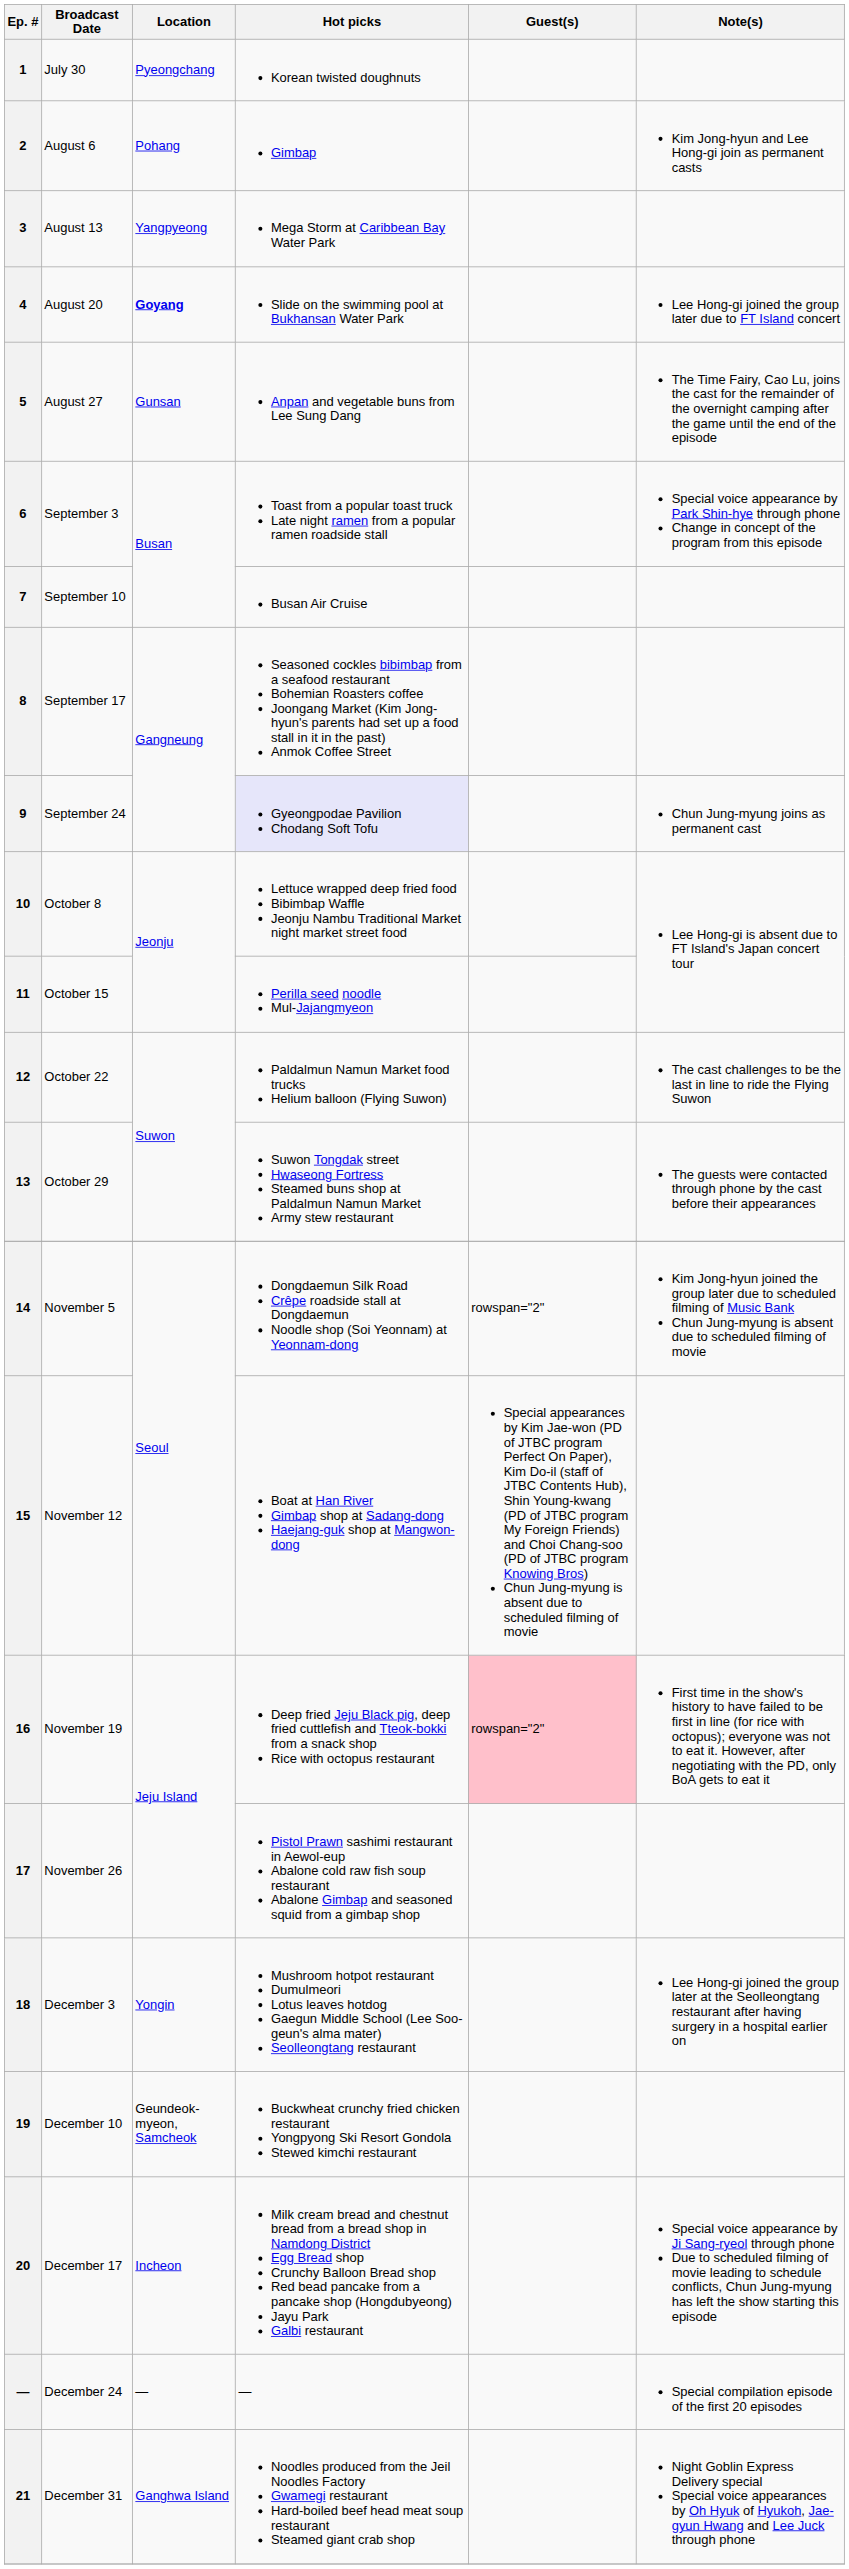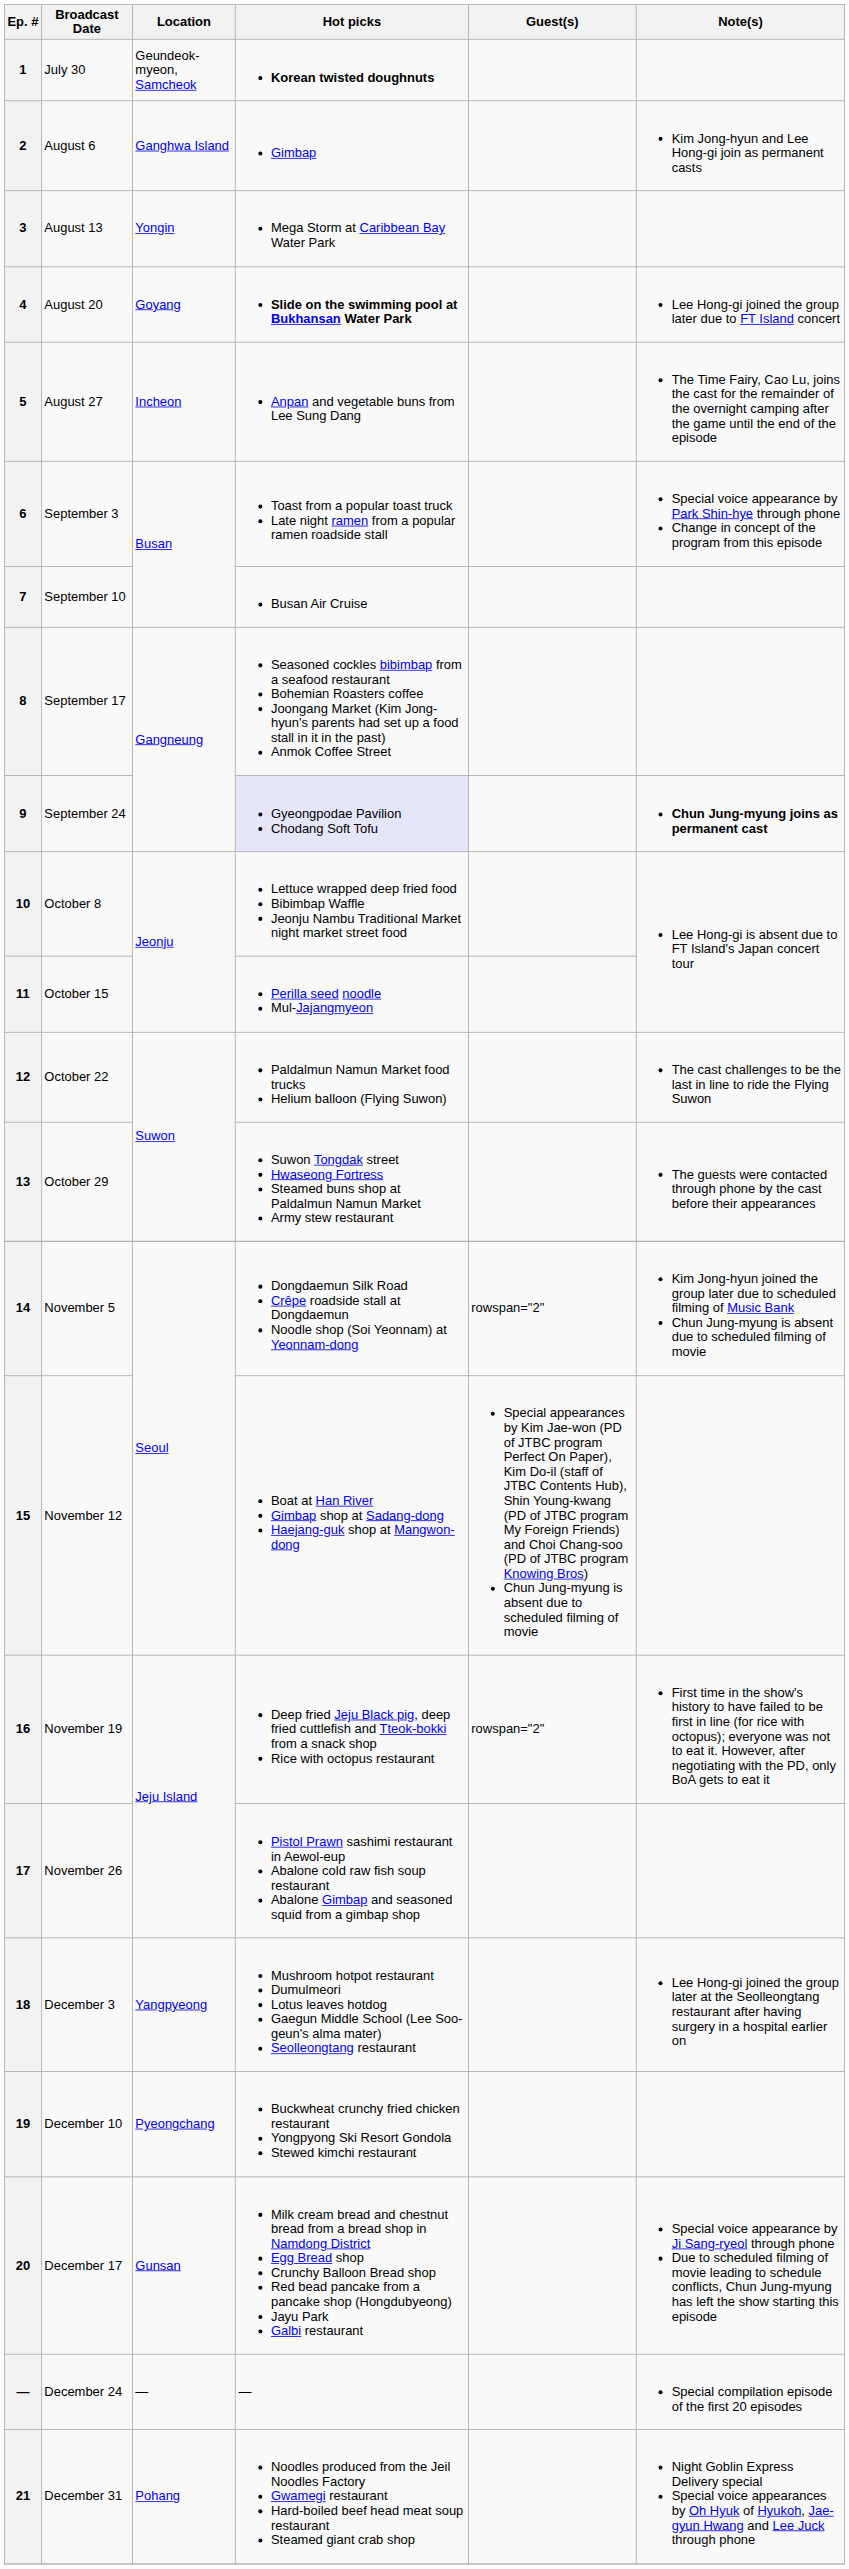 <table class="wikitable">
 <tr>
 <th width=5>Ep. #</th>
 <th width=105>Broadcast Date</th>
 <th width=120>Location</th>
 <th width=280>Hot picks</th>
 <th width=200>Guest(s)</th>
 <th width=250>Note(s)</th>
 </tr>
 <tr style="text-align:left;">
 <th>1</th>
 <td>July 30</td>
-<td><a href='#'>Pyeongchang</a></td>
-<td><br><ul><li>Korean twisted doughnuts</li></ul></td>
+<td>Geundeok-myeon, <a href='#'>Samcheok</a></td>
+<td><strong><br><ul><li>Korean twisted doughnuts</li></ul></strong></td>
 <td></td>
 <td></td>
 </tr>
 <tr style="text-align:left;">
 <th>2</th>
 <td>August 6</td>
-<td><a href='#'>Pohang</a></td>
+<td><a href='#'>Ganghwa Island</a></td>
 <td><br><ul><li><a href='#'>Gimbap</a></li></ul></td>
 <td></td>
 <td><br><ul><li>Kim Jong-hyun and Lee Hong-gi join as permanent casts</li></ul></td>
 </tr>
 <tr style="text-align:left;">
 <th>3</th>
 <td>August 13</td>
-<td><a href='#'>Yangpyeong</a></td>
+<td><a href='#'>Yongin</a></td>
 <td><br><ul><li>Mega Storm at <a href='#'>Caribbean Bay</a> Water Park</li></ul></td>
 <td></td>
 <td></td>
 </tr>
 <tr style="text-align:left;">
 <th>4</th>
 <td>August 20</td>
-<td><strong><a href='#'>Goyang</a></strong></td>
-<td><br><ul><li>Slide on the swimming pool at <a href='#'>Bukhansan</a> Water Park</li></ul></td>
+<td><a href='#'>Goyang</a></td>
+<td><strong><br><ul><li>Slide on the swimming pool at <a href='#'>Bukhansan</a> Water Park</li></ul></strong></td>
 <td></td>
 <td><br><ul><li>Lee Hong-gi joined the group later due to <a href='#'>FT Island</a> concert</li></ul></td>
 </tr>
 <tr style="text-align:left;">
 <th>5</th>
 <td>August 27</td>
-<td><a href='#'>Gunsan</a></td>
+<td><a href='#'>Incheon</a></td>
 <td><br><ul><li><a href='#'>Anpan</a> and vegetable buns from Lee Sung Dang</li></ul></td>
 <td></td>
 <td><br><ul><li>The Time Fairy, Cao Lu, joins the cast for the remainder of the overnight camping after the game until the end of the episode</li></ul></td>
 </tr>
 <tr style="text-align:left;">
 <th>6</th>
 <td>September 3</td>
 <td rowspan="2"><a href='#'>Busan</a></td>
 <td><br><ul><li>Toast from a popular toast truck</li><li>Late night <a href='#'>ramen</a> from a popular ramen roadside stall</li></ul></td>
 <td></td>
 <td><br><ul><li>Special voice appearance by <a href='#'>Park Shin-hye</a> through phone</li><li>Change in concept of the program from this episode</li></ul></td>
 </tr>
 <tr style="text-align:left;">
 <th>7</th>
 <td>September 10</td>
 <td><br><ul><li>Busan Air Cruise</li></ul></td>
 <td></td>
 <td></td>
 </tr>
 <tr style="text-align:left;">
 <th>8</th>
 <td>September 17</td>
 <td rowspan="2"><a href='#'>Gangneung</a></td>
 <td><br><ul><li>Seasoned cockles <a href='#'>bibimbap</a> from a seafood restaurant</li><li>Bohemian Roasters coffee</li><li>Joongang Market (Kim Jong-hyun's parents had set up a food stall in it in the past)</li><li>Anmok Coffee Street</li></ul></td>
 <td></td>
 <td></td>
 </tr>
 <tr style="text-align:left;">
 <th>9</th>
 <td>September 24</td>
 <td style="background: lavender;"><br><ul><li>Gyeongpodae Pavilion</li><li>Chodang Soft Tofu</li></ul></td>
 <td></td>
-<td><br><ul><li>Chun Jung-myung joins as permanent cast</li></ul></td>
+<td><strong><br><ul><li>Chun Jung-myung joins as permanent cast</li></ul></strong></td>
 </tr>
 <tr style="text-align:left;">
 <th>10</th>
 <td>October 8</td>
 <td rowspan="2"><a href='#'>Jeonju</a></td>
 <td><br><ul><li>Lettuce wrapped deep fried food</li><li>Bibimbap Waffle</li><li>Jeonju Nambu Traditional Market night market street food</li></ul></td>
 <td></td>
 <td rowspan="2"><br><ul><li>Lee Hong-gi is absent due to FT Island's Japan concert tour</li></ul></td>
 </tr>
 <tr style="text-align:left;">
 <th>11</th>
 <td>October 15</td>
 <td><br><ul><li><a href='#'>Perilla seed</a> <a href='#'>noodle</a></li><li>Mul-<a href='#'>Jajangmyeon</a></li></ul></td>
 <td></td>
 </tr>
 <tr style="text-align:left;">
 <th>12</th>
 <td>October 22</td>
 <td rowspan="2"><a href='#'>Suwon</a></td>
 <td><br><ul><li>Paldalmun Namun Market food trucks</li><li>Helium balloon (Flying Suwon)</li></ul></td>
 <td></td>
 <td><br><ul><li>The cast challenges to be the last in line to ride the Flying Suwon</li></ul></td>
 </tr>
 <tr style="text-align:left;">
 <th>13</th>
 <td>October 29</td>
 <td><br><ul><li>Suwon <a href='#'>Tongdak</a> street</li><li><a href='#'>Hwaseong Fortress</a></li><li>Steamed buns shop at Paldalmun Namun Market</li><li>Army stew restaurant</li></ul></td>
 <td></td>
 <td><br><ul><li>The guests were contacted through phone by the cast before their appearances</li></ul></td>
 </tr>
 <tr style="text-align:left;">
 </tr>
 <tr style="text-align:left;">
 <th>14</th>
 <td>November 5</td>
 <td rowspan="2"><a href='#'>Seoul</a></td>
 <td><br><ul><li>Dongdaemun Silk Road</li><li><a href='#'>Crêpe</a> roadside stall at Dongdaemun</li><li>Noodle shop (Soi Yeonnam) at <a href='#'>Yeonnam-dong</a></li></ul></td>
 <td>rowspan="2" </td>
 <td><br><ul><li>Kim Jong-hyun joined the group later due to scheduled filming of <a href='#'>Music Bank</a></li><li>Chun Jung-myung is absent due to scheduled filming of movie</li></ul></td>
 </tr>
 <tr style="text-align:left;">
 <th>15</th>
 <td>November 12</td>
 <td><br><ul><li>Boat at <a href='#'>Han River</a></li><li><a href='#'>Gimbap</a> shop at <a href='#'>Sadang-dong</a></li><li><a href='#'>Haejang-guk</a> shop at <a href='#'>Mangwon-dong</a></li></ul></td>
 <td><br><ul><li>Special appearances by Kim Jae-won (PD of JTBC program Perfect On Paper), Kim Do-il (staff of JTBC Contents Hub), Shin Young-kwang (PD of JTBC program My Foreign Friends) and Choi Chang-soo (PD of JTBC program <a href='#'>Knowing Bros</a>)</li><li>Chun Jung-myung is absent due to scheduled filming of movie</li></ul></td>
 </tr>
 <tr style="text-align:left;">
 <th>16</th>
 <td>November 19</td>
 <td rowspan="2"><a href='#'>Jeju Island</a></td>
 <td><br><ul><li>Deep fried <a href='#'>Jeju Black pig</a>, deep fried cuttlefish and <a href='#'>Tteok-bokki</a> from a snack shop</li><li>Rice with octopus restaurant</li></ul></td>
-<td style="background: pink;">rowspan="2" </td>
+<td>rowspan="2" </td>
 <td><br><ul><li>First time in the show's history to have failed to be first in line (for rice with octopus); everyone was not to eat it. However, after negotiating with the PD, only BoA gets to eat it</li></ul></td>
 </tr>
 <tr style="text-align:left;">
 <th>17</th>
 <td>November 26</td>
 <td><br><ul><li><a href='#'>Pistol Prawn</a> sashimi restaurant in Aewol-eup</li><li>Abalone cold raw fish soup restaurant</li><li>Abalone <a href='#'>Gimbap</a> and seasoned squid from a gimbap shop</li></ul></td>
 <td></td>
 </tr>
 <tr style="text-align:left;">
 <th>18</th>
 <td>December 3</td>
-<td><a href='#'>Yongin</a></td>
+<td><a href='#'>Yangpyeong</a></td>
 <td><br><ul><li>Mushroom hotpot restaurant</li><li>Dumulmeori</li><li>Lotus leaves hotdog</li><li>Gaegun Middle School (Lee Soo-geun's alma mater)</li><li><a href='#'>Seolleongtang</a> restaurant</li></ul></td>
 <td></td>
 <td><br><ul><li>Lee Hong-gi joined the group later at the Seolleongtang restaurant after having surgery in a hospital earlier on</li></ul></td>
 </tr>
 <tr style="text-align:left;">
 <th>19</th>
 <td>December 10</td>
-<td>Geundeok-myeon, <a href='#'>Samcheok</a></td>
+<td><a href='#'>Pyeongchang</a></td>
 <td><br><ul><li>Buckwheat crunchy fried chicken restaurant</li><li>Yongpyong Ski Resort Gondola</li><li>Stewed kimchi restaurant</li></ul></td>
 <td></td>
 <td></td>
 </tr>
 <tr style="text-align:left;">
 <th>20</th>
 <td>December 17</td>
-<td><a href='#'>Incheon</a></td>
+<td><a href='#'>Gunsan</a></td>
 <td><br><ul><li>Milk cream bread and chestnut bread from a bread shop in <a href='#'>Namdong District</a></li><li><a href='#'>Egg Bread</a> shop</li><li>Crunchy Balloon Bread shop</li><li>Red bead pancake from a pancake shop (Hongdubyeong)</li><li>Jayu Park</li><li><a href='#'>Galbi</a> restaurant</li></ul></td>
 <td></td>
 <td><br><ul><li>Special voice appearance by <a href='#'>Ji Sang-ryeol</a> through phone</li><li>Due to scheduled filming of movie leading to schedule conflicts, Chun Jung-myung has left the show starting this episode</li></ul></td>
 </tr>
 <tr style="text-align:left;">
 <th>—</th>
 <td>December 24</td>
 <td>—</td>
 <td>—</td>
 <td></td>
 <td><br><ul><li>Special compilation episode of the first 20 episodes</li></ul></td>
 </tr>
 <tr style="text-align:left;">
 <th>21</th>
 <td>December 31</td>
-<td><a href='#'>Ganghwa Island</a></td>
+<td><a href='#'>Pohang</a></td>
 <td><br><ul><li>Noodles produced from the Jeil Noodles Factory</li><li><a href='#'>Gwamegi</a> restaurant</li><li>Hard-boiled beef head meat soup restaurant</li><li>Steamed giant crab shop</li></ul></td>
 <td></td>
 <td><br><ul><li>Night Goblin Express Delivery special</li><li>Special voice appearances by <a href='#'>Oh Hyuk</a> of <a href='#'>Hyukoh</a>, <a href='#'>Jae-gyun Hwang</a> and <a href='#'>Lee Juck</a> through phone</li></ul></td>
 </tr>
 <tr style="text-align:left;">
 </tr>
 </table>
